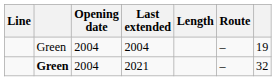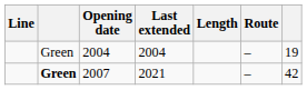 <table class="sortable wikitable">
 <tr>
 <th>Line</th>
 <th class="unsortable"></th>
 <th>Opening<br>date</th>
 <th>Last<br>extended</th>
 <th>Length</th>
 <th class="unsortable">Route</th>
 <th></th>
 </tr>
 <tr>
 <td align="center"></td>
 <td style="background:#">Green</td>
 <td>2004</td>
 <td>2004</td>
 <td></td>
 <td> – </td>
 <td>19</td>
 </tr>
 <tr>
 <td align="center"></td>
 <td style="background:#"><strong>Green</strong></td>
-<td>2004</td>
+<td>2007</td>
 <td>2021</td>
 <td></td>
 <td> – </td>
-<td>32</td>
+<td>42</td>
 </tr>
 </table>
